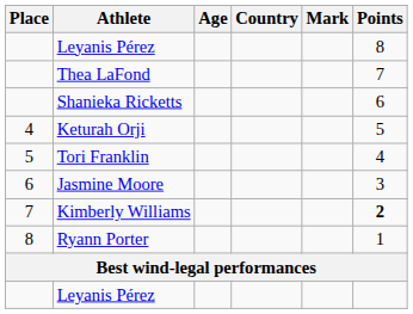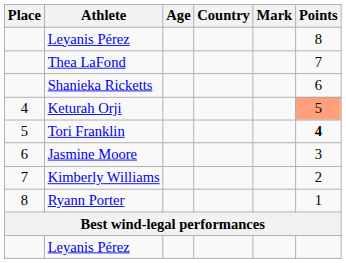 <table class="wikitable mw-datatable sortable">
 <tr>
 <th>Place</th>
 <th>Athlete</th>
 <th>Age</th>
 <th>Country</th>
 <th>Mark</th>
 <th>Points</th>
 </tr>
 <tr>
 <td align=center></td>
 <td><a href='#'>Leyanis Pérez</a></td>
 <td></td>
 <td></td>
 <td> </td>
 <td align=center>8</td>
 </tr>
 <tr>
 <td align=center></td>
 <td><a href='#'>Thea LaFond</a></td>
 <td></td>
 <td></td>
 <td> </td>
 <td align=center>7</td>
 </tr>
 <tr>
 <td align=center></td>
 <td><a href='#'>Shanieka Ricketts</a></td>
 <td></td>
 <td></td>
 <td> </td>
 <td align=center>6</td>
 </tr>
 <tr>
 <td align=center>4</td>
 <td><a href='#'>Keturah Orji</a></td>
 <td></td>
 <td></td>
 <td> </td>
-<td align=center>5</td>
+<td align=center style="background: lightsalmon;">5</td>
 </tr>
 <tr>
 <td align=center>5</td>
 <td><a href='#'>Tori Franklin</a></td>
 <td></td>
 <td></td>
 <td> </td>
-<td align=center>4</td>
+<td align=center><strong>4</strong></td>
 </tr>
 <tr>
 <td align=center>6</td>
 <td><a href='#'>Jasmine Moore</a></td>
 <td></td>
 <td></td>
 <td> </td>
 <td align=center>3</td>
 </tr>
 <tr>
 <td align=center>7</td>
 <td><a href='#'>Kimberly Williams</a></td>
 <td></td>
 <td></td>
 <td> </td>
-<td align=center><strong>2</strong></td>
+<td align=center>2</td>
 </tr>
 <tr>
 <td align=center>8</td>
 <td><a href='#'>Ryann Porter</a></td>
 <td></td>
 <td></td>
 <td> </td>
 <td align=center>1</td>
 </tr>
 <tr>
 <th align=center colspan=7>Best wind-legal performances</th>
 </tr>
 <tr>
 <td align=center></td>
 <td><a href='#'>Leyanis Pérez</a></td>
 <td></td>
 <td></td>
 <td> </td>
 <td align=center></td>
 </tr>
 </table>
